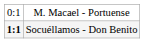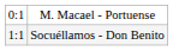 <table class="wikitable">
 <tr align=center bgcolor=white>
 <td>0:1</td>
 <td>M. Macael - Portuense</td>
 </tr>
 <tr align=center bgcolor=#F5F5F5>
-<td><strong>1:1</strong></td>
+<td>1:1</td>
 <td>Socuéllamos - Don Benito</td>
 </tr>
 </table>
